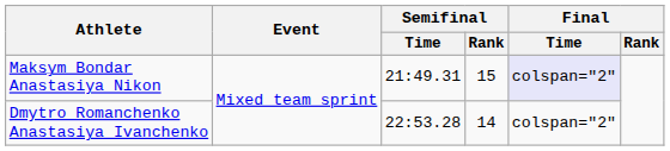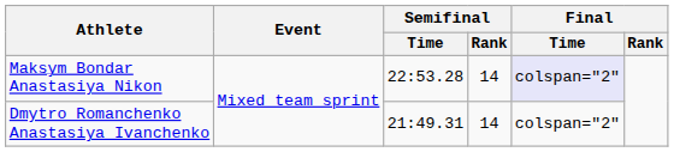 <table class="wikitable" style="text-align:center; font-size:90%">
 <tr>
 <th rowspan="2">Athlete</th>
 <th rowspan="2">Event</th>
 <th colspan="2">Semifinal</th>
 <th colspan="2">Final</th>
 </tr>
 <tr style="font-size:95%">
 <th>Time</th>
 <th>Rank</th>
 <th>Time</th>
 <th>Rank</th>
 </tr>
 <tr>
 <td align="left"><a href='#'>Maksym Bondar</a><br><a href='#'>Anastasiya Nikon</a></td>
 <td align="left" rowspan="2"><a href='#'>Mixed team sprint</a></td>
-<td>21:49.31</td>
-<td>15</td>
+<td>22:53.28</td>
+<td>14</td>
 <td style="background: lavender;">colspan="2" </td>
 </tr>
 <tr>
 <td align="left"><a href='#'>Dmytro Romanchenko</a><br><a href='#'>Anastasiya Ivanchenko</a></td>
-<td>22:53.28</td>
+<td>21:49.31</td>
 <td>14</td>
 <td>colspan="2" </td>
 </tr>
 </table>
